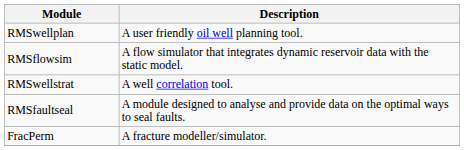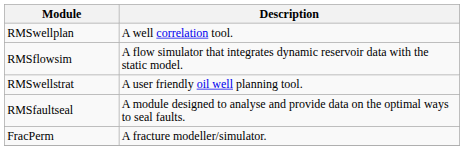 <table class="wikitable sortable" border="1" style="align:left;">
 <tr>
 <th width="400">Module</th>
 <th width="1900" class="unsortable">Description</th>
 </tr>
 <tr>
 <td>RMSwellplan</td>
-<td>A user friendly <a href='#'>oil well</a> planning tool.</td>
+<td>A well <a href='#'>correlation</a> tool.</td>
 </tr>
 <tr>
 <td>RMSflowsim</td>
 <td>A flow simulator that integrates dynamic reservoir data with the static model.</td>
 </tr>
 <tr>
 <td>RMSwellstrat</td>
-<td>A well <a href='#'>correlation</a> tool.</td>
+<td>A user friendly <a href='#'>oil well</a> planning tool.</td>
 </tr>
 <tr>
 <td>RMSfaultseal</td>
 <td>A module designed to analyse and provide data on the optimal ways to seal faults.</td>
 </tr>
 <tr>
 <td>FracPerm</td>
 <td>A fracture modeller/simulator.</td>
 </tr>
 <tr>
 </tr>
 </table>
